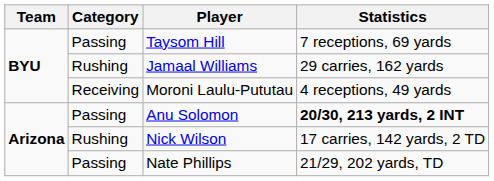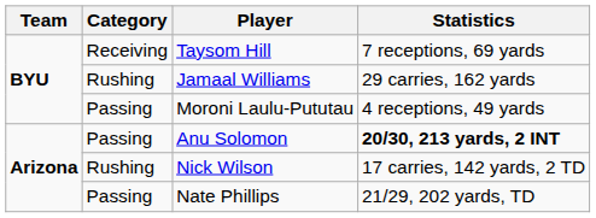 <table class="wikitable" style="float: right;">
 <tr>
 <th>Team</th>
 <th>Category</th>
 <th>Player</th>
 <th>Statistics</th>
 </tr>
 <tr>
 <td rowspan=3><strong>BYU</strong></td>
-<td>Passing</td>
+<td>Receiving</td>
 <td><a href='#'>Taysom Hill</a></td>
 <td>7 receptions, 69 yards</td>
 </tr>
 <tr>
 <td>Rushing</td>
 <td><a href='#'>Jamaal Williams</a></td>
 <td>29 carries, 162 yards</td>
 </tr>
 <tr>
-<td>Receiving</td>
+<td>Passing</td>
 <td>Moroni Laulu-Pututau</td>
 <td>4 receptions, 49 yards</td>
 </tr>
 <tr>
 <td rowspan=3><strong>Arizona</strong></td>
 <td>Passing</td>
 <td><a href='#'>Anu Solomon</a></td>
 <td><strong>20/30, 213 yards, 2 INT</strong></td>
 </tr>
 <tr>
 <td>Rushing</td>
 <td><a href='#'>Nick Wilson</a></td>
 <td>17 carries, 142 yards, 2 TD</td>
 </tr>
 <tr>
 <td>Passing</td>
 <td>Nate Phillips</td>
 <td>21/29, 202 yards, TD</td>
 </tr>
 </table>
